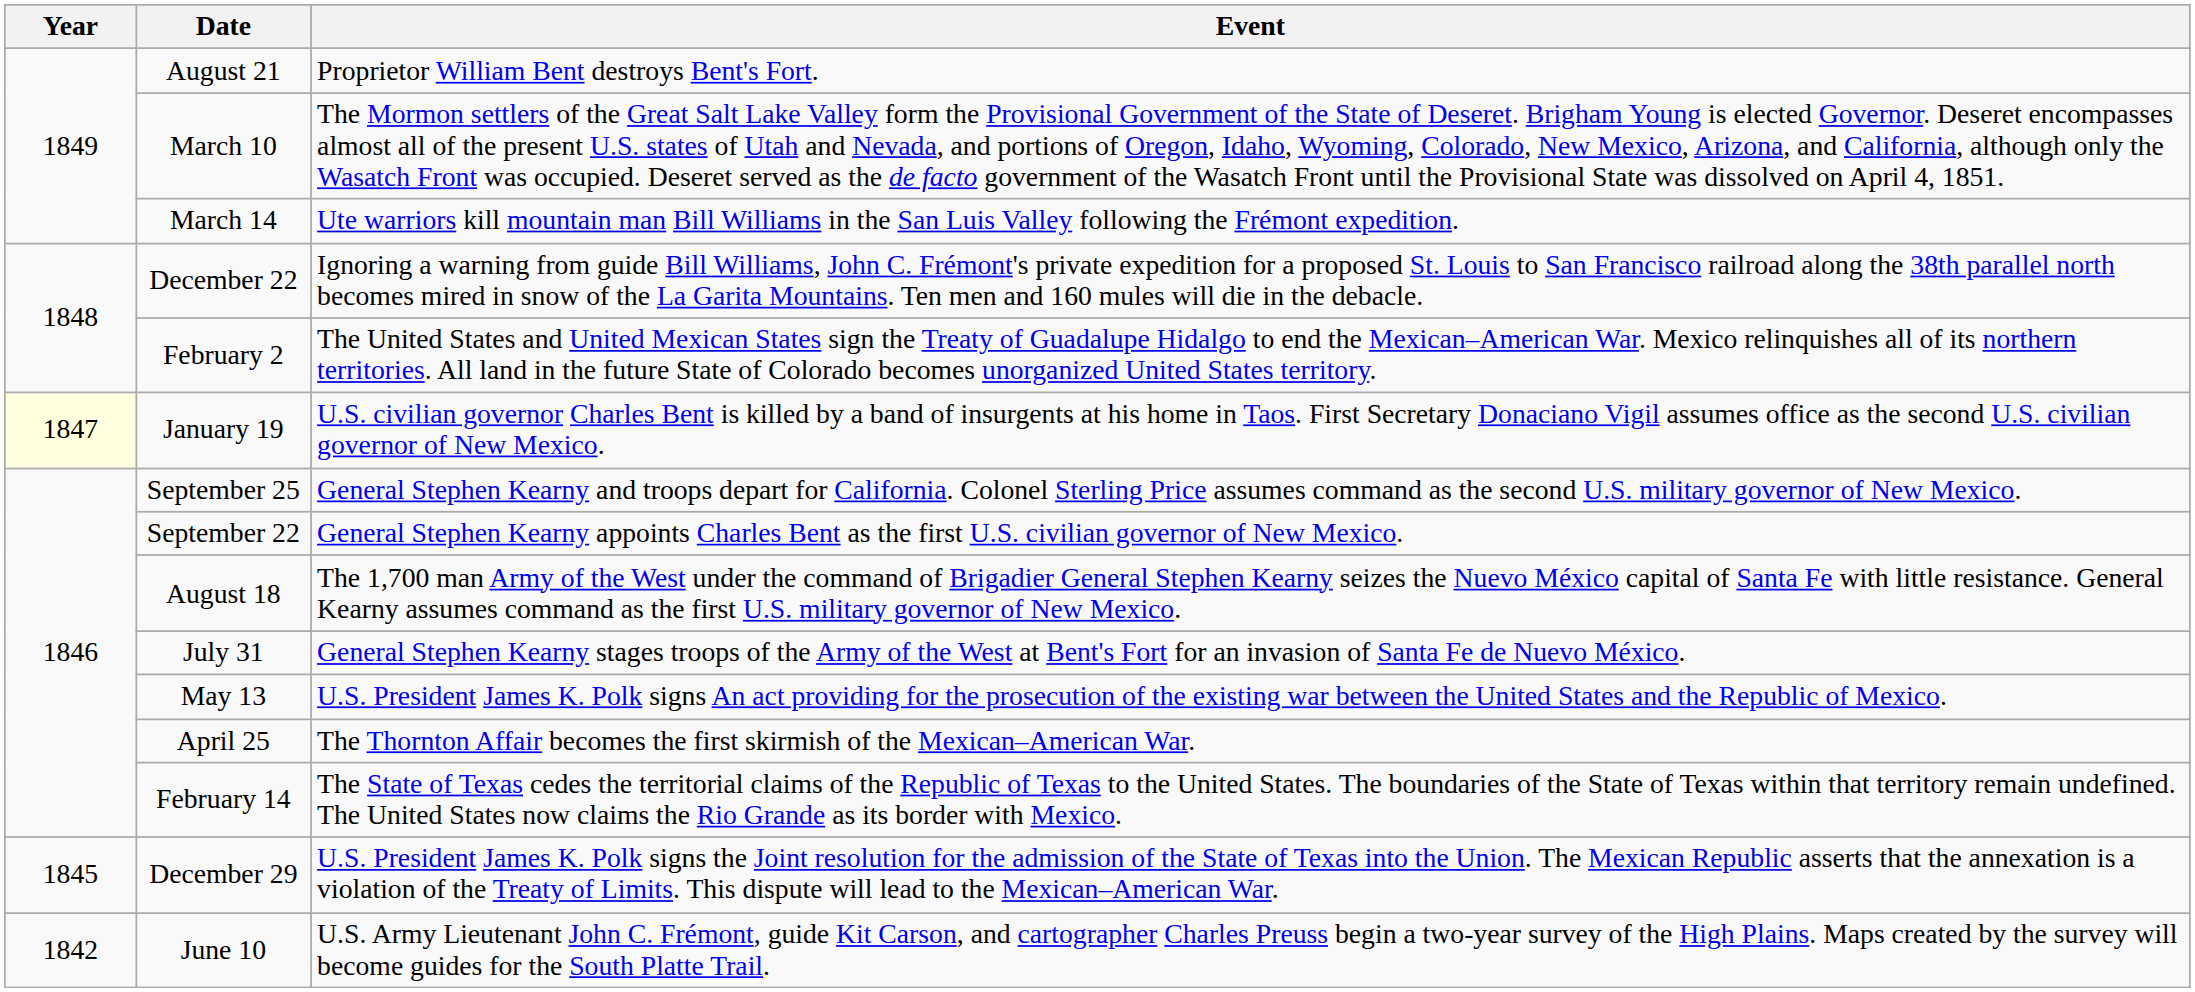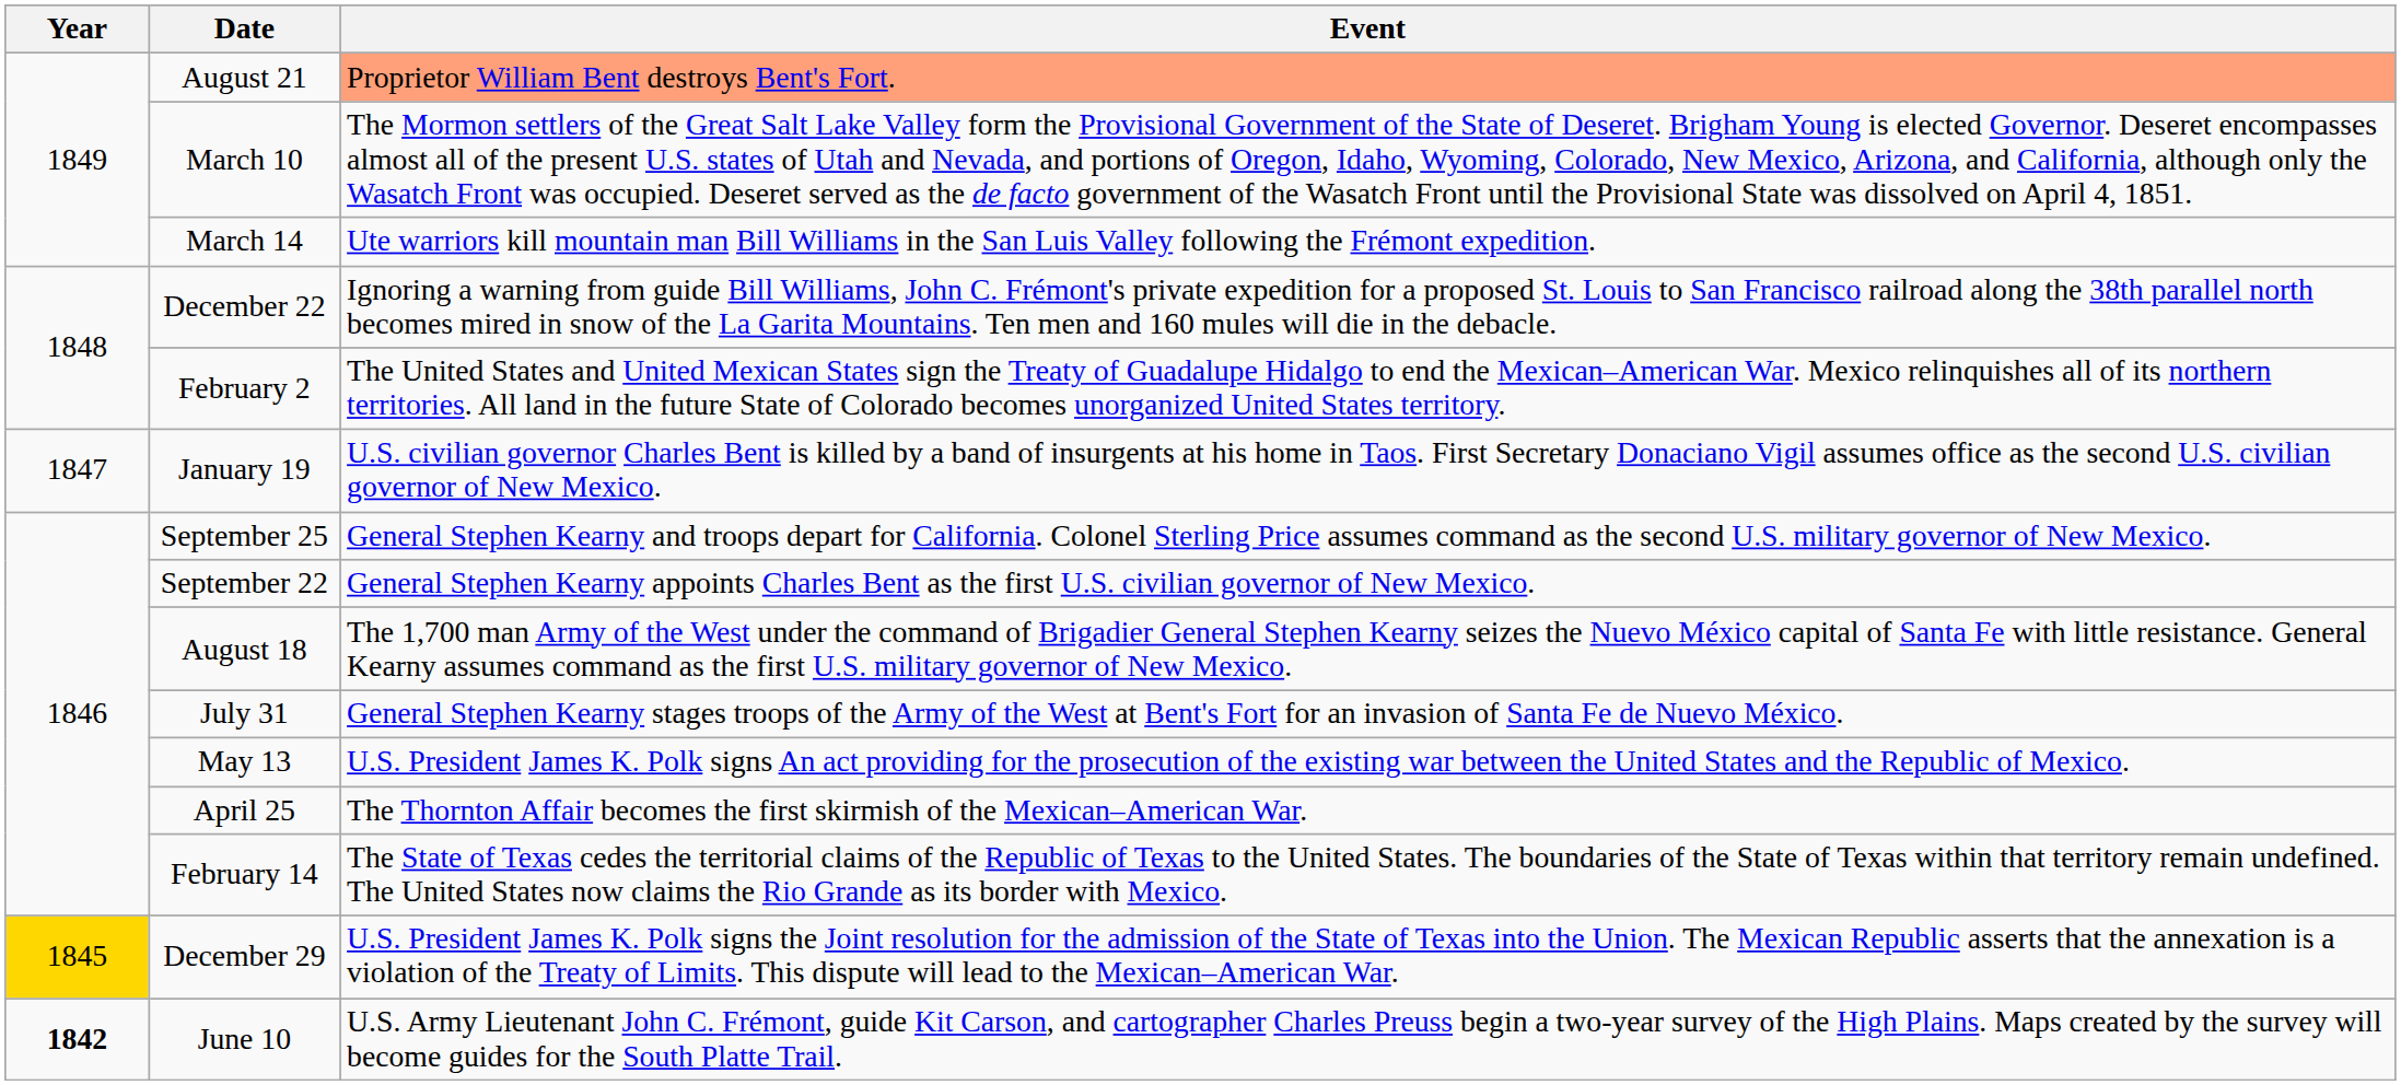 <table class="wikitable" style="width:100%;">
 <tr>
 <th style="width:6%">Year</th>
 <th style="width:8%">Date</th>
 <th style="width:86%">Event</th>
 </tr>
 <tr>
 <td align=center rowspan=3>1849</td>
 <td align=center>August 21</td>
-<td>Proprietor <a href='#'>William Bent</a> destroys <a href='#'>Bent's Fort</a>.</td>
+<td style="background: lightsalmon;">Proprietor <a href='#'>William Bent</a> destroys <a href='#'>Bent's Fort</a>.</td>
 </tr>
 <tr>
 <td align=center>March 10</td>
 <td>The <a href='#'>Mormon settlers</a> of the <a href='#'>Great Salt Lake Valley</a> form the <a href='#'>Provisional Government of the State of Deseret</a>. <a href='#'>Brigham Young</a> is elected <a href='#'>Governor</a>. Deseret encompasses almost all of the present <a href='#'>U.S. states</a> of <a href='#'>Utah</a> and <a href='#'>Nevada</a>, and portions of <a href='#'>Oregon</a>, <a href='#'>Idaho</a>, <a href='#'>Wyoming</a>, <a href='#'>Colorado</a>, <a href='#'>New Mexico</a>, <a href='#'>Arizona</a>, and <a href='#'>California</a>, although only the <a href='#'>Wasatch Front</a> was occupied. Deseret served as the <em><a href='#'>de facto</a></em> government of the Wasatch Front until the Provisional State was dissolved on April 4, 1851.</td>
 </tr>
 <tr>
 <td align=center>March 14</td>
 <td><a href='#'>Ute warriors</a> kill <a href='#'>mountain man</a> <a href='#'>Bill Williams</a> in the <a href='#'>San Luis Valley</a> following the <a href='#'>Frémont expedition</a>.</td>
 </tr>
 <tr>
 <td align=center rowspan=2>1848</td>
 <td align=center>December 22</td>
 <td>Ignoring a warning from guide <a href='#'>Bill Williams</a>, <a href='#'>John C. Frémont</a>'s private expedition for a proposed <a href='#'>St. Louis</a> to <a href='#'>San Francisco</a> railroad along the <a href='#'>38th parallel north</a> becomes mired in snow of the <a href='#'>La Garita Mountains</a>. Ten men and 160 mules will die in the debacle.</td>
 </tr>
 <tr>
 <td align=center>February 2</td>
 <td>The United States and <a href='#'>United Mexican States</a> sign the <a href='#'>Treaty of Guadalupe Hidalgo</a> to end the <a href='#'>Mexican–American War</a>. Mexico relinquishes all of its <a href='#'>northern territories</a>. All land in the future State of Colorado becomes <a href='#'>unorganized United States territory</a>.</td>
 </tr>
 <tr>
-<td align=center rowspan=1 style="background: lightyellow;">1847</td>
+<td align=center rowspan=1>1847</td>
 <td align=center>January 19</td>
 <td><a href='#'>U.S. civilian governor</a> <a href='#'>Charles Bent</a> is killed by a band of insurgents at his home in <a href='#'>Taos</a>. First Secretary <a href='#'>Donaciano Vigil</a> assumes office as the second <a href='#'>U.S. civilian governor of New Mexico</a>.</td>
 </tr>
 <tr>
 <td align=center rowspan=7>1846</td>
 <td align=center>September 25</td>
 <td><a href='#'>General Stephen Kearny</a> and troops depart for <a href='#'>California</a>. Colonel <a href='#'>Sterling Price</a> assumes command as the second <a href='#'>U.S. military governor of New Mexico</a>.</td>
 </tr>
 <tr>
 <td align=center>September 22</td>
 <td><a href='#'>General Stephen Kearny</a> appoints <a href='#'>Charles Bent</a> as the first <a href='#'>U.S. civilian governor of New Mexico</a>.</td>
 </tr>
 <tr>
 <td align=center>August 18</td>
 <td>The 1,700 man <a href='#'>Army of the West</a> under the command of <a href='#'>Brigadier General Stephen Kearny</a> seizes the <a href='#'>Nuevo México</a> capital of <a href='#'>Santa Fe</a> with little resistance. General Kearny assumes command as the first <a href='#'>U.S. military governor of New Mexico</a>.</td>
 </tr>
 <tr>
 <td align=center>July 31</td>
 <td><a href='#'>General Stephen Kearny</a> stages troops of the <a href='#'>Army of the West</a> at <a href='#'>Bent's Fort</a> for an invasion of <a href='#'>Santa Fe de Nuevo México</a>.</td>
 </tr>
 <tr>
 <td align=center>May 13</td>
 <td><a href='#'>U.S. President</a> <a href='#'>James K. Polk</a> signs <a href='#'>An act providing for the prosecution of the existing war between the United States and the Republic of Mexico</a>.</td>
 </tr>
 <tr>
 <td align=center>April 25</td>
 <td>The <a href='#'>Thornton Affair</a> becomes the first skirmish of the <a href='#'>Mexican–American War</a>.</td>
 </tr>
 <tr>
 <td align=center>February 14</td>
 <td>The <a href='#'>State of Texas</a> cedes the territorial claims of the <a href='#'>Republic of Texas</a> to the United States. The boundaries of the State of Texas within that territory remain undefined. The United States now claims the <a href='#'>Rio Grande</a> as its border with <a href='#'>Mexico</a>.</td>
 </tr>
 <tr>
-<td align=center rowspan=1>1845</td>
+<td align=center rowspan=1 style="background: gold;">1845</td>
 <td align=center>December 29</td>
 <td><a href='#'>U.S. President</a> <a href='#'>James K. Polk</a> signs the <a href='#'>Joint resolution for the admission of the State of Texas into the Union</a>. The <a href='#'>Mexican Republic</a> asserts that the annexation is a violation of the <a href='#'>Treaty of Limits</a>. This dispute will lead to the <a href='#'>Mexican–American War</a>.</td>
 </tr>
 <tr>
-<td align=center rowspan=1>1842</td>
+<td align=center rowspan=1><strong>1842</strong></td>
 <td align=center>June 10</td>
 <td>U.S. Army Lieutenant <a href='#'>John C. Frémont</a>, guide <a href='#'>Kit Carson</a>, and <a href='#'>cartographer</a> <a href='#'>Charles Preuss</a> begin a two-year survey of the <a href='#'>High Plains</a>. Maps created by the survey will become guides for the <a href='#'>South Platte Trail</a>.</td>
 </tr>
 </table>
